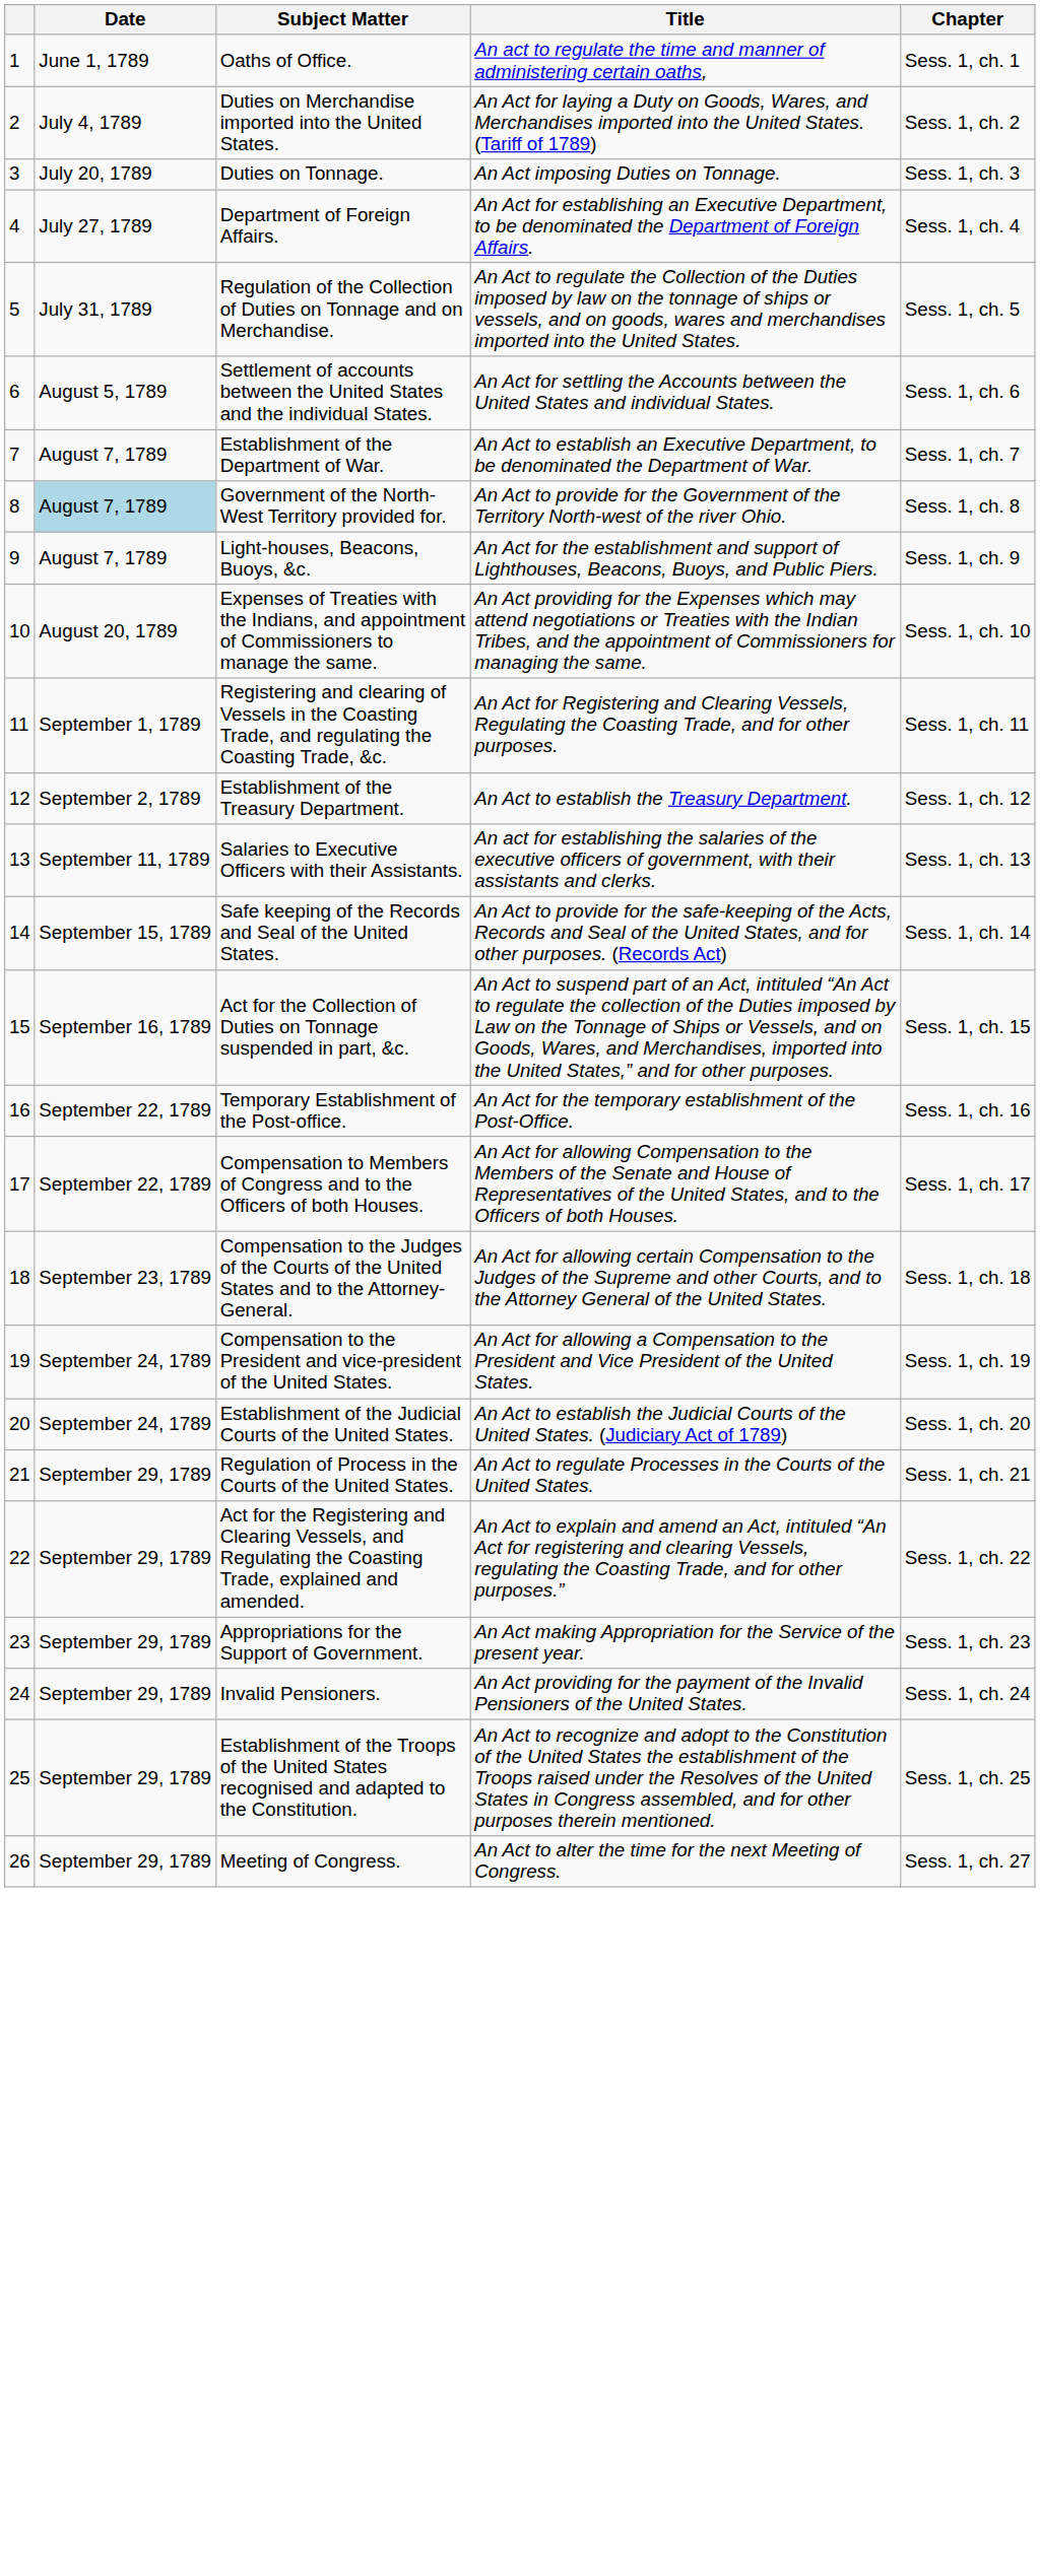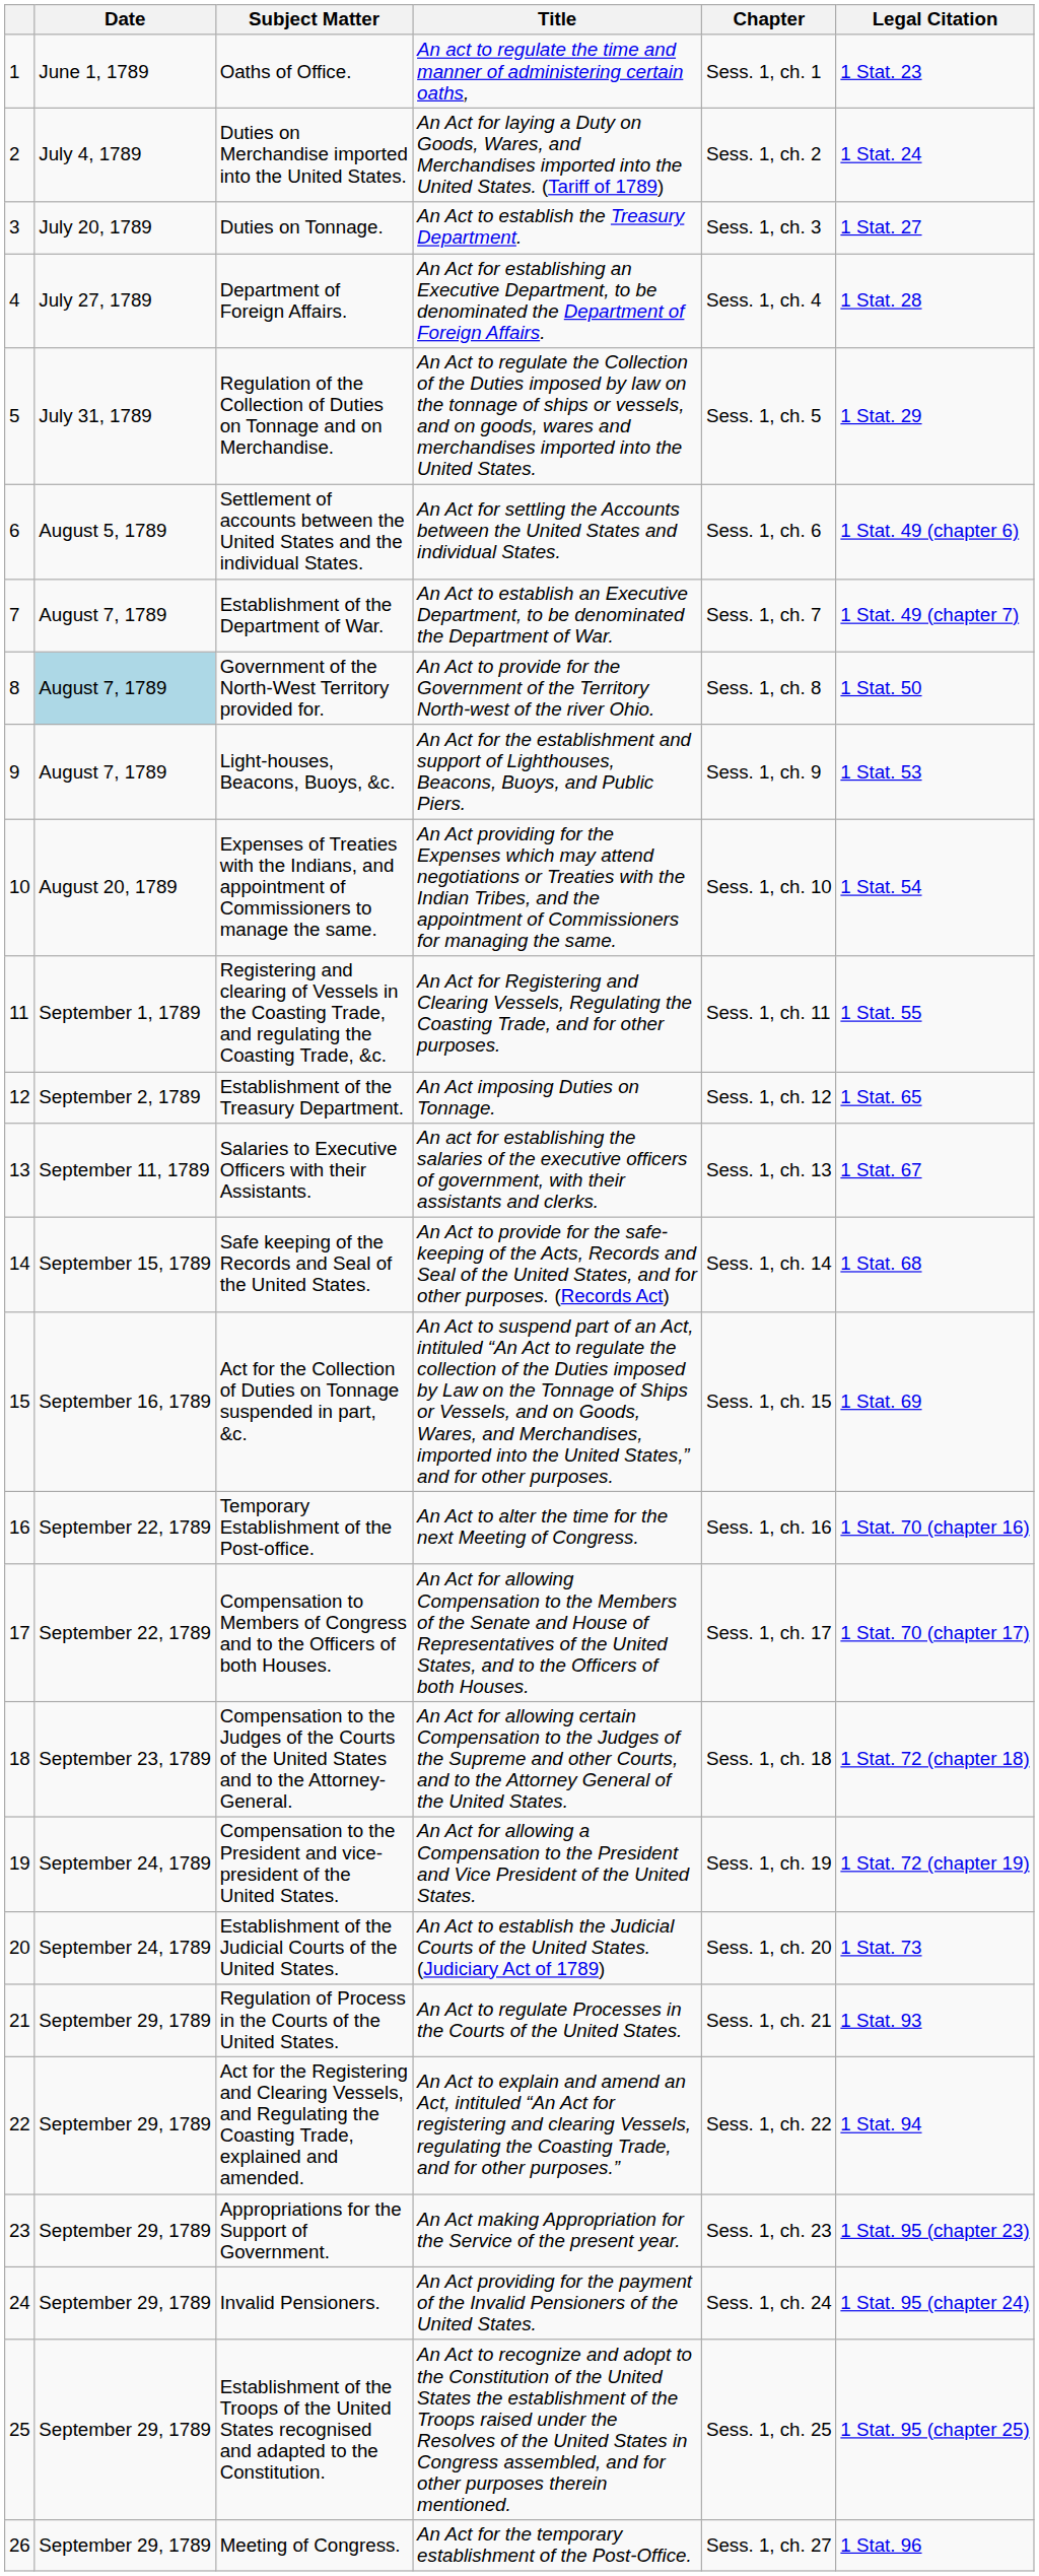 <table class="wikitable">
 <tr>
 <th></th>
 <th>Date</th>
 <th>Subject Matter</th>
 <th>Title</th>
 <th>Chapter</th>
+<th>Legal Citation<br></th>
 </tr>
 <tr>
 <td>1</td>
 <td>June 1, 1789</td>
 <td>Oaths of Office.</td>
 <td><em><a href='#'>An act to regulate the time and manner of administering certain oaths</a>,</em></td>
 <td>Sess. 1, ch. 1</td>
+<td><a href='#'>1 Stat. 23</a></td>
 </tr>
 <tr>
 <td>2</td>
 <td>July 4, 1789</td>
 <td>Duties on Merchandise imported into the United States.</td>
 <td><em>An Act for laying a Duty on Goods, Wares, and Merchandises imported into the United States.</em> (<a href='#'>Tariff of 1789</a>)</td>
 <td>Sess. 1, ch. 2</td>
+<td><a href='#'>1 Stat. 24</a></td>
 </tr>
 <tr>
 <td>3</td>
 <td>July 20, 1789</td>
 <td>Duties on Tonnage.</td>
-<td><em>An Act imposing Duties on Tonnage.</em></td>
+<td><em>An Act to establish the <a href='#'>Treasury Department</a>.</em></td>
 <td>Sess. 1, ch. 3</td>
+<td><a href='#'>1 Stat. 27</a></td>
 </tr>
 <tr>
 <td>4</td>
 <td>July 27, 1789</td>
 <td>Department of Foreign Affairs.</td>
 <td><em>An Act for establishing an Executive Department, to be denominated the <a href='#'>Department of Foreign Affairs</a>.</em></td>
 <td>Sess. 1, ch. 4</td>
+<td><a href='#'>1 Stat. 28</a></td>
 </tr>
 <tr>
 <td>5</td>
 <td>July 31, 1789</td>
 <td>Regulation of the Collection of Duties on Tonnage and on Merchandise.</td>
 <td><em>An Act to regulate the Collection of the Duties imposed by law on the tonnage of ships or vessels, and on goods, wares and merchandises imported into the United States.</em></td>
 <td>Sess. 1, ch. 5</td>
+<td><a href='#'>1 Stat. 29</a></td>
 </tr>
 <tr>
 <td>6</td>
 <td>August 5, 1789</td>
 <td>Settlement of accounts between the United States and the individual States.</td>
 <td><em>An Act for settling the Accounts between the United States and individual States.</em></td>
 <td>Sess. 1, ch. 6</td>
+<td><a href='#'>1 Stat. 49 (chapter 6)</a></td>
 </tr>
 <tr>
 <td>7</td>
 <td>August 7, 1789</td>
 <td>Establishment of the Department of War.</td>
 <td><em>An Act to establish an Executive Department, to be denominated the Department of War.</em></td>
 <td>Sess. 1, ch. 7</td>
+<td><a href='#'>1 Stat. 49 (chapter 7)</a></td>
 </tr>
 <tr>
 <td>8</td>
 <td style="background: lightblue;">August 7, 1789</td>
 <td>Government of the North-West Territory provided for.</td>
 <td><em>An Act to provide for the Government of the Territory North-west of the river Ohio.</em></td>
 <td>Sess. 1, ch. 8</td>
+<td><a href='#'>1 Stat. 50</a></td>
 </tr>
 <tr>
 <td>9</td>
 <td>August 7, 1789</td>
 <td>Light-houses, Beacons, Buoys, &c.</td>
 <td><em>An Act for the establishment and support of Lighthouses, Beacons, Buoys, and Public Piers.</em></td>
 <td>Sess. 1, ch. 9</td>
+<td><a href='#'>1 Stat. 53</a></td>
 </tr>
 <tr>
 <td>10</td>
 <td>August 20, 1789</td>
 <td>Expenses of Treaties with the Indians, and appointment of Commissioners to manage the same.</td>
 <td><em>An Act providing for the Expenses which may attend negotiations or Treaties with the Indian Tribes, and the appointment of Commissioners for managing the same.</em></td>
 <td>Sess. 1, ch. 10</td>
+<td><a href='#'>1 Stat. 54</a></td>
 </tr>
 <tr>
 <td>11</td>
 <td>September 1, 1789</td>
 <td>Registering and clearing of Vessels in the Coasting Trade, and regulating the Coasting Trade, &c.</td>
 <td><em>An Act for Registering and Clearing Vessels, Regulating the Coasting Trade, and for other purposes.</em></td>
 <td>Sess. 1, ch. 11</td>
+<td><a href='#'>1 Stat. 55</a></td>
 </tr>
 <tr>
 <td>12</td>
 <td>September 2, 1789</td>
 <td>Establishment of the Treasury Department.</td>
-<td><em>An Act to establish the <a href='#'>Treasury Department</a>.</em></td>
+<td><em>An Act imposing Duties on Tonnage.</em></td>
 <td>Sess. 1, ch. 12</td>
+<td><a href='#'>1 Stat. 65</a></td>
 </tr>
 <tr>
 <td>13</td>
 <td>September 11, 1789</td>
 <td>Salaries to Executive Officers with their Assistants.</td>
 <td><em>An act for establishing the salaries of the executive officers of government, with their assistants and clerks.⁠</em></td>
 <td>Sess. 1, ch. 13</td>
+<td><a href='#'>1 Stat. 67</a></td>
 </tr>
 <tr>
 <td>14</td>
 <td>September 15, 1789</td>
 <td>Safe keeping of the Records and Seal of the United States.</td>
 <td><em>An Act to provide for the safe-keeping of the Acts, Records and Seal of the United States, and for other purposes.</em> (<a href='#'>Records Act</a>)</td>
 <td>Sess. 1, ch. 14</td>
+<td><a href='#'>1 Stat. 68</a></td>
 </tr>
 <tr>
 <td>15</td>
 <td>September 16, 1789</td>
 <td>Act for the Collection of Duties on Tonnage suspended in part, &c.</td>
 <td><em>An Act to suspend part of an Act, intituled “An Act to regulate the collection of the Duties imposed by Law on the Tonnage of Ships or Vessels, and on Goods, Wares, and Merchandises, imported into the United States,” and for other purposes.</em></td>
 <td>Sess. 1, ch. 15</td>
+<td><a href='#'>1 Stat. 69</a></td>
 </tr>
 <tr>
 <td>16</td>
 <td>September 22, 1789</td>
 <td>Temporary Establishment of the Post-office.</td>
-<td><em>An Act for the temporary establishment of the Post-Office.</em></td>
+<td><em>An Act to alter the time for the next Meeting of Congress.</em></td>
 <td>Sess. 1, ch. 16</td>
+<td><a href='#'>1 Stat. 70 (chapter 16)</a></td>
 </tr>
 <tr>
 <td>17</td>
 <td>September 22, 1789</td>
 <td>Compensation to Members of Congress and to the Officers of both Houses.</td>
 <td><em>An Act for allowing Compensation to the Members of the Senate and House of Representatives of the United States, and to the Officers of both Houses.</em></td>
 <td>Sess. 1, ch. 17</td>
+<td><a href='#'>1 Stat. 70 (chapter 17)</a></td>
 </tr>
 <tr>
 <td>18</td>
 <td>September 23, 1789</td>
 <td>Compensation to the Judges of the Courts of the United States and to the Attorney-General.</td>
 <td><em>An Act for allowing certain Compensation to the Judges of the Supreme and other Courts, and to the Attorney General of the United States.</em></td>
 <td>Sess. 1, ch. 18</td>
+<td><a href='#'>1 Stat. 72 (chapter 18)</a></td>
 </tr>
 <tr>
 <td>19</td>
 <td>September 24, 1789</td>
 <td>Compensation to the President and vice-president of the United States.</td>
 <td><em>An Act for allowing a Compensation to the President and Vice President of the United States.</em></td>
 <td>Sess. 1, ch. 19</td>
+<td><a href='#'>1 Stat. 72 (chapter 19)</a></td>
 </tr>
 <tr>
 <td>20</td>
 <td>September 24, 1789</td>
 <td>Establishment of the Judicial Courts of the United States.</td>
 <td><em>An Act to establish the Judicial Courts of the United States.</em> (<a href='#'>Judiciary Act of 1789</a>)</td>
 <td>Sess. 1, ch. 20</td>
+<td><a href='#'>1 Stat. 73</a></td>
 </tr>
 <tr>
 <td>21</td>
 <td>September 29, 1789</td>
 <td>Regulation of Process in the Courts of the United States.</td>
 <td><em>An Act to regulate Processes in the Courts of the United States.</em></td>
 <td>Sess. 1, ch. 21</td>
+<td><a href='#'>1 Stat. 93</a></td>
 </tr>
 <tr>
 <td>22</td>
 <td>September 29, 1789</td>
 <td>Act for the Registering and Clearing Vessels, and Regulating the Coasting Trade, explained and amended.</td>
 <td><em>An Act to explain and amend an Act, intituled “An Act for registering and clearing Vessels, regulating the Coasting Trade, and for other purposes.”</em></td>
 <td>Sess. 1, ch. 22</td>
+<td><a href='#'>1 Stat. 94</a></td>
 </tr>
 <tr>
 <td>23</td>
 <td>September 29, 1789</td>
 <td>Appropriations for the Support of Government.</td>
 <td><em>An Act making Appropriation for the Service of the present year.</em></td>
 <td>Sess. 1, ch. 23</td>
+<td><a href='#'>1 Stat. 95 (chapter 23)</a></td>
 </tr>
 <tr>
 <td>24</td>
 <td>September 29, 1789</td>
 <td>Invalid Pensioners.</td>
 <td><em>An Act providing for the payment of the Invalid Pensioners of the United States.</em></td>
 <td>Sess. 1, ch. 24</td>
+<td><a href='#'>1 Stat. 95 (chapter 24)</a></td>
 </tr>
 <tr>
 <td>25</td>
 <td>September 29, 1789</td>
 <td>Establishment of the Troops of the United States recognised and adapted to the Constitution.</td>
 <td><em>An Act to recognize and adopt to the Constitution of the United States the establishment of the Troops raised under the Resolves of the United States in Congress assembled, and for other purposes therein mentioned.</em></td>
 <td>Sess. 1, ch. 25</td>
+<td style="white-space: nowrap;"><a href='#'>1 Stat. 95 (chapter 25)</a></td>
 </tr>
 <tr>
 <td>26</td>
 <td style="white-space: nowrap;">September 29, 1789</td>
 <td>Meeting of Congress.</td>
-<td><em>An Act to alter the time for the next Meeting of Congress.</em></td>
+<td><em>An Act for the temporary establishment of the Post-Office.</em></td>
 <td style="white-space: nowrap;">Sess. 1, ch. 27</td>
+<td><a href='#'>1 Stat. 96</a></td>
 </tr>
 </table>
